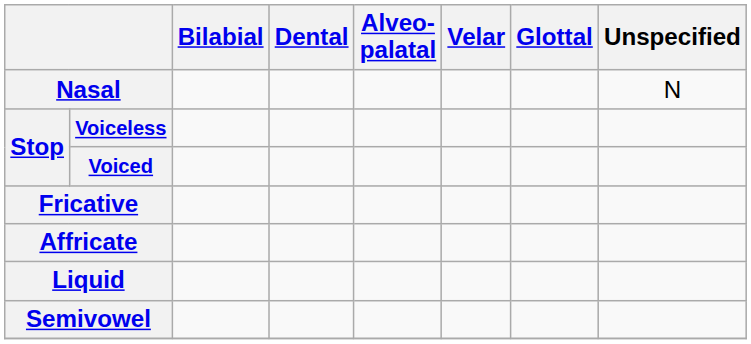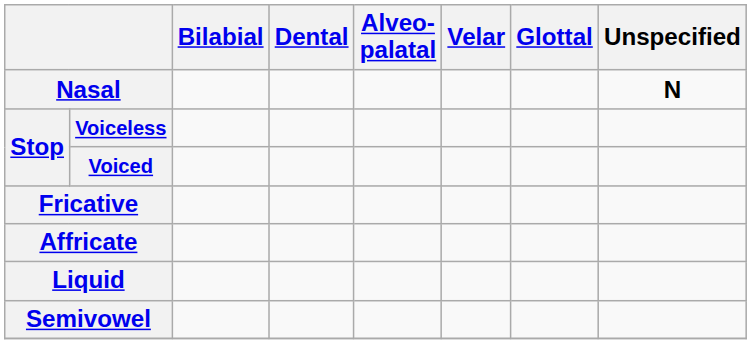 <table class="wikitable" style="text-align: center;">
 <tr>
 <th colspan=2></th>
 <th><a href='#'>Bilabial</a></th>
 <th><a href='#'>Dental</a></th>
 <th><a href='#'>Alveo-<br>palatal</a></th>
 <th><a href='#'>Velar</a></th>
 <th><a href='#'>Glottal</a></th>
 <th>Unspecified</th>
 </tr>
 <tr>
 <th colspan=2><a href='#'>Nasal</a></th>
 <td> </td>
 <td> </td>
 <td></td>
 <td> </td>
 <td></td>
-<td>N </td>
+<td><strong>N </strong></td>
 </tr>
 <tr>
 <th rowspan=2><a href='#'>Stop</a></th>
 <th><small><a href='#'>Voiceless</a></small></th>
 <td> </td>
 <td> </td>
 <td></td>
 <td> </td>
 <td></td>
 <td></td>
 </tr>
 <tr>
 <th><small><a href='#'>Voiced</a></small></th>
 <td> </td>
 <td></td>
 <td></td>
 <td> </td>
 <td></td>
 <td></td>
 </tr>
 <tr>
 <th colspan=2><a href='#'>Fricative</a></th>
 <td></td>
 <td> </td>
 <td> </td>
 <td></td>
 <td> </td>
 <td></td>
 </tr>
 <tr>
 <th colspan=2><a href='#'>Affricate</a></th>
 <td></td>
 <td> </td>
 <td> </td>
 <td></td>
 <td></td>
 <td></td>
 </tr>
 <tr>
 <th colspan=2><a href='#'>Liquid</a></th>
 <td></td>
 <td></td>
 <td> </td>
 <td></td>
 <td></td>
 <td></td>
 </tr>
 <tr>
 <th colspan=2><a href='#'>Semivowel</a></th>
 <td></td>
 <td></td>
 <td> </td>
 <td></td>
 <td></td>
 <td></td>
 </tr>
 <tr>
 </tr>
 </table>
